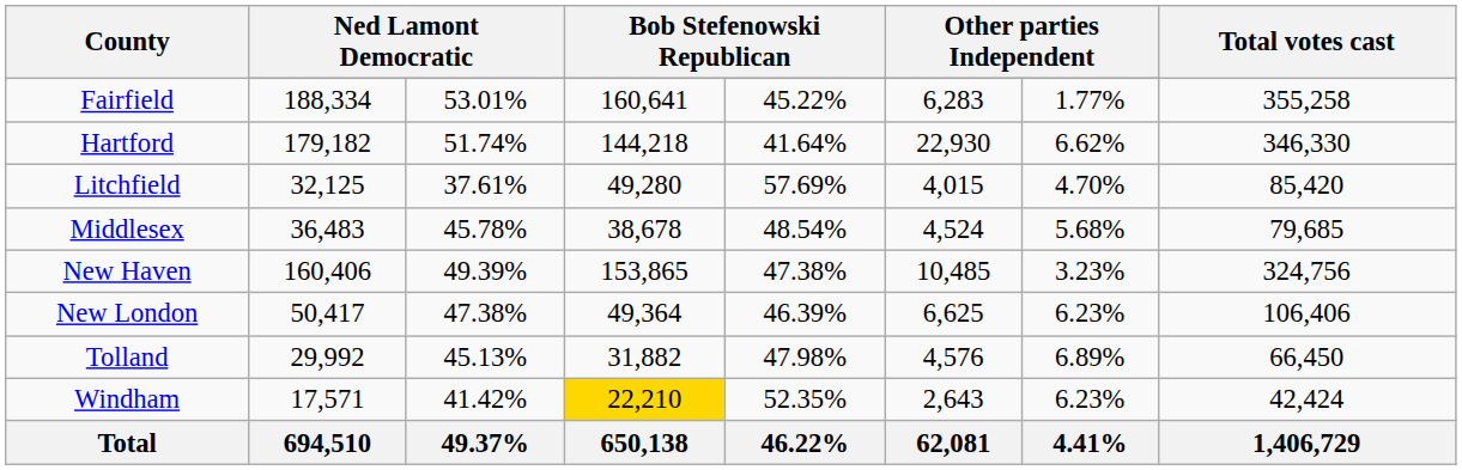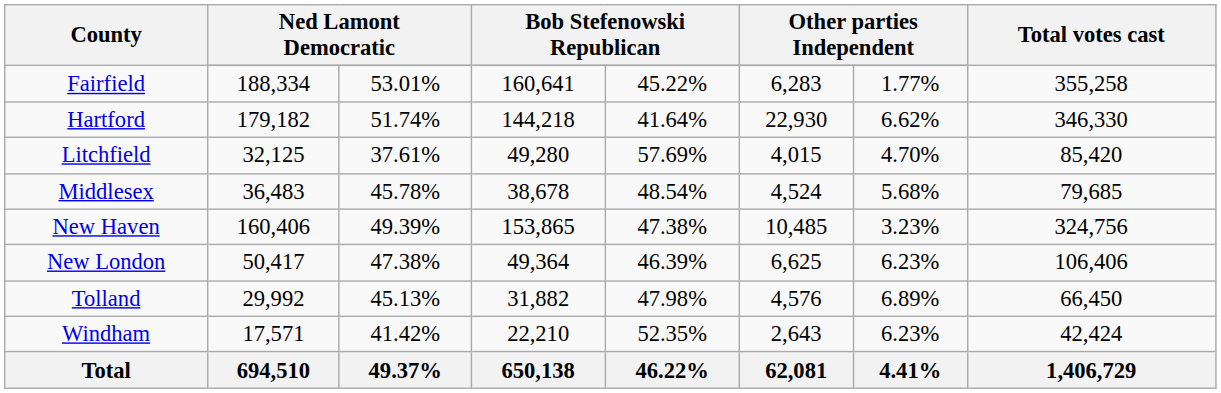 <table width="68%"  class="wikitable sortable" style="text-align:center">
 <tr>
 <th style="text-align:center;" rowspan="2">County</th>
 <th style="text-align:center;" colspan="2">Ned Lamont<br>Democratic</th>
 <th style="text-align:center;" colspan="2">Bob Stefenowski<br>Republican</th>
 <th style="text-align:center;" colspan="2">Other parties<br>Independent</th>
 <th style="text-align:center;" rowspan="2">Total votes cast</th>
 </tr>
 <tr>
 </tr>
 <tr style="text-align:center;">
 <td><a href='#'>Fairfield</a></td>
 <td>188,334</td>
 <td>53.01%</td>
 <td>160,641</td>
 <td>45.22%</td>
 <td>6,283</td>
 <td>1.77%</td>
 <td>355,258</td>
 </tr>
 <tr style="text-align:center;">
 <td><a href='#'>Hartford</a></td>
 <td>179,182</td>
 <td>51.74%</td>
 <td>144,218</td>
 <td>41.64%</td>
 <td>22,930</td>
 <td>6.62%</td>
 <td>346,330</td>
 </tr>
 <tr style="text-align:center;">
 <td><a href='#'>Litchfield</a></td>
 <td>32,125</td>
 <td>37.61%</td>
 <td>49,280</td>
 <td>57.69%</td>
 <td>4,015</td>
 <td>4.70%</td>
 <td>85,420</td>
 </tr>
 <tr style="text-align:center;">
 <td><a href='#'>Middlesex</a></td>
 <td>36,483</td>
 <td>45.78%</td>
 <td>38,678</td>
 <td>48.54%</td>
 <td>4,524</td>
 <td>5.68%</td>
 <td>79,685</td>
 </tr>
 <tr style="text-align:center;">
 <td><a href='#'>New Haven</a></td>
 <td>160,406</td>
 <td>49.39%</td>
 <td>153,865</td>
 <td>47.38%</td>
 <td>10,485</td>
 <td>3.23%</td>
 <td>324,756</td>
 </tr>
 <tr style="text-align:center;">
 <td><a href='#'>New London</a></td>
 <td>50,417</td>
 <td>47.38%</td>
 <td>49,364</td>
 <td>46.39%</td>
 <td>6,625</td>
 <td>6.23%</td>
 <td>106,406</td>
 </tr>
 <tr style="text-align:center;">
 <td><a href='#'>Tolland</a></td>
 <td>29,992</td>
 <td>45.13%</td>
 <td>31,882</td>
 <td>47.98%</td>
 <td>4,576</td>
 <td>6.89%</td>
 <td>66,450</td>
 </tr>
 <tr style="text-align:center;">
 <td><a href='#'>Windham</a></td>
 <td>17,571</td>
 <td>41.42%</td>
-<td style="background: gold;">22,210</td>
+<td>22,210</td>
 <td>52.35%</td>
 <td>2,643</td>
 <td>6.23%</td>
 <td>42,424</td>
 </tr>
 <tr style="text-align:center;">
 <th>Total</th>
 <th>694,510</th>
 <th>49.37%</th>
 <th>650,138</th>
 <th>46.22%</th>
 <th>62,081</th>
 <th>4.41%</th>
 <th>1,406,729</th>
 </tr>
 </table>
